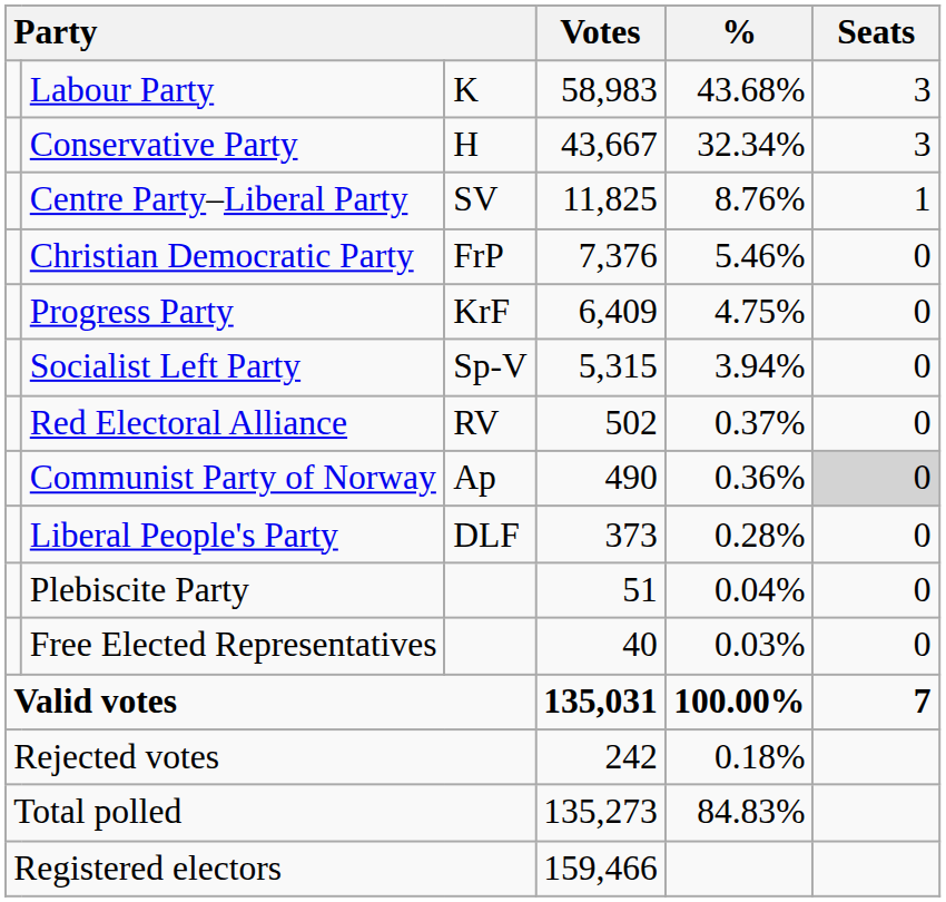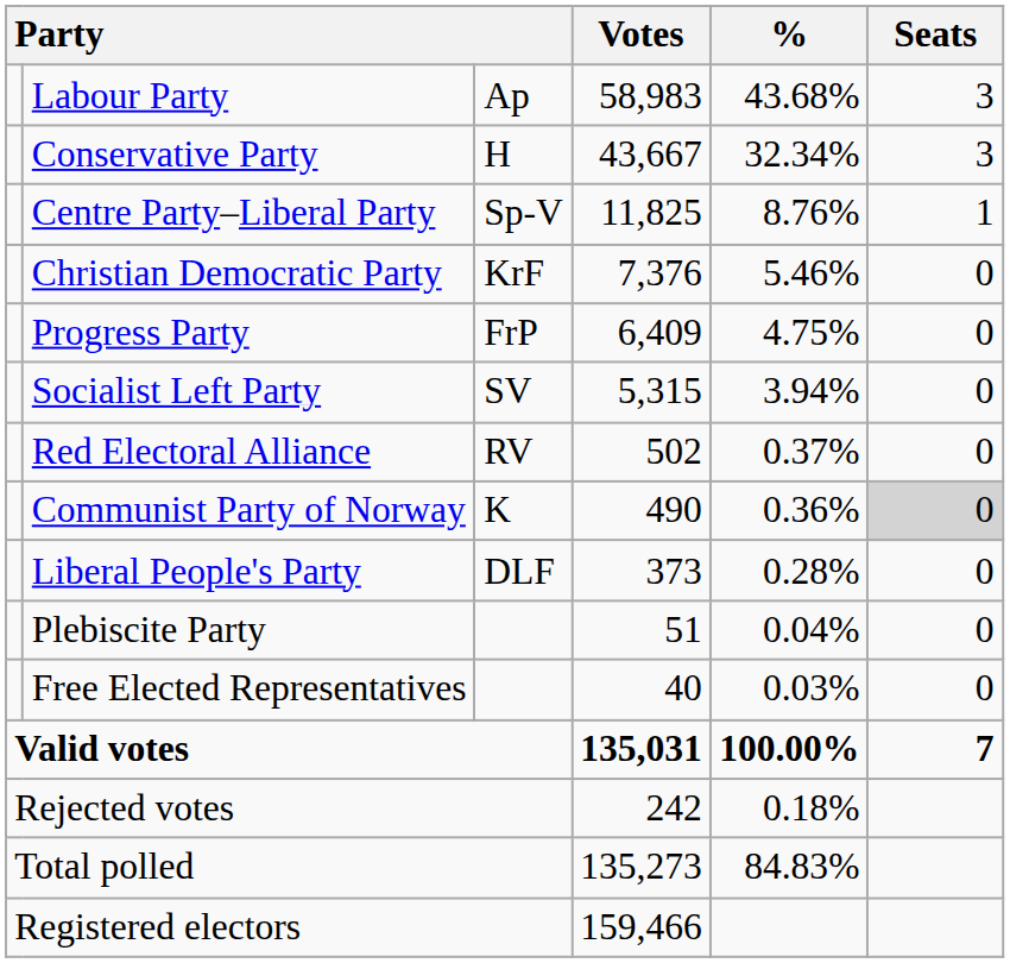 <table class="wikitable" border="1" style="text-align:right;">
 <tr>
 <th style="text-align:left;" colspan=3>Party</th>
 <th align=center width="50">Votes</th>
 <th align=center width="50">%</th>
 <th align=center width="50">Seats</th>
 </tr>
 <tr>
 <td style="color:inherit;background:"></td>
 <td align=left><a href='#'>Labour Party</a></td>
-<td align=left>K</td>
+<td align=left>Ap</td>
 <td>58,983</td>
 <td>43.68%</td>
 <td>3</td>
 </tr>
 <tr>
 <td style="color:inherit;background:"></td>
 <td align=left><a href='#'>Conservative Party</a></td>
 <td align=left>H</td>
 <td>43,667</td>
 <td>32.34%</td>
 <td>3</td>
 </tr>
 <tr>
 <td></td>
 <td align=left><a href='#'>Centre Party</a>–<a href='#'>Liberal Party</a></td>
-<td align=left>SV</td>
+<td align=left>Sp-V</td>
 <td>11,825</td>
 <td>8.76%</td>
 <td>1</td>
 </tr>
 <tr>
 <td style="color:inherit;background:"></td>
 <td align=left><a href='#'>Christian Democratic Party</a></td>
-<td align=left>FrP</td>
+<td align=left>KrF</td>
 <td>7,376</td>
 <td>5.46%</td>
 <td>0</td>
 </tr>
 <tr>
 <td style="color:inherit;background:"></td>
 <td align=left><a href='#'>Progress Party</a></td>
-<td align=left>KrF</td>
+<td align=left>FrP</td>
 <td>6,409</td>
 <td>4.75%</td>
 <td>0</td>
 </tr>
 <tr>
 <td style="color:inherit;background:"></td>
 <td align=left><a href='#'>Socialist Left Party</a></td>
-<td align=left>Sp-V</td>
+<td align=left>SV</td>
 <td>5,315</td>
 <td>3.94%</td>
 <td>0</td>
 </tr>
 <tr>
 <td style="color:inherit;background:"></td>
 <td align=left><a href='#'>Red Electoral Alliance</a></td>
 <td align=left>RV</td>
 <td>502</td>
 <td>0.37%</td>
 <td>0</td>
 </tr>
 <tr>
 <td style="color:inherit;background:"></td>
 <td align=left><a href='#'>Communist Party of Norway</a></td>
-<td align=left>Ap</td>
+<td align=left>K</td>
 <td>490</td>
 <td>0.36%</td>
 <td style="background: lightgrey;">0</td>
 </tr>
 <tr>
 <td style="color:inherit;background:"></td>
 <td align=left><a href='#'>Liberal People's Party</a></td>
 <td align=left>DLF</td>
 <td>373</td>
 <td>0.28%</td>
 <td>0</td>
 </tr>
 <tr>
 <td></td>
 <td align=left>Plebiscite Party</td>
 <td align=left></td>
 <td>51</td>
 <td>0.04%</td>
 <td>0</td>
 </tr>
 <tr>
 <td></td>
 <td align=left>Free Elected Representatives</td>
 <td align=left></td>
 <td>40</td>
 <td>0.03%</td>
 <td>0</td>
 </tr>
 <tr style="font-weight:bold">
 <td align=left colspan=3>Valid votes</td>
 <td>135,031</td>
 <td>100.00%</td>
 <td>7</td>
 </tr>
 <tr>
 <td align=left colspan=3>Rejected votes</td>
 <td>242</td>
 <td>0.18%</td>
 <td></td>
 </tr>
 <tr>
 <td align=left colspan=3>Total polled</td>
 <td>135,273</td>
 <td>84.83%</td>
 <td></td>
 </tr>
 <tr>
 <td align=left colspan=3>Registered electors</td>
 <td>159,466</td>
 <td></td>
 <td></td>
 </tr>
 </table>
